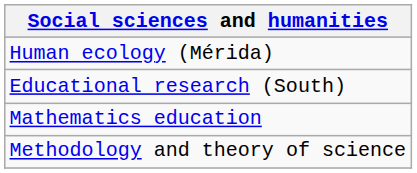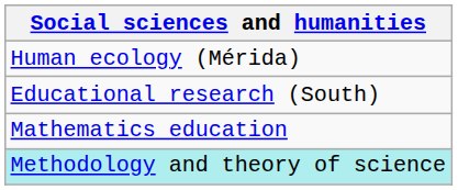 <table class="wikitable">
 <tr>
 <th><a href='#'>Social sciences</a> and <a href='#'>humanities</a></th>
 </tr>
 <tr>
 <td><a href='#'>Human ecology</a> (Mérida)</td>
 </tr>
 <tr>
 <td><a href='#'>Educational research</a> (South)</td>
 </tr>
 <tr>
 <td><a href='#'>Mathematics education</a></td>
 </tr>
 <tr>
-<td><a href='#'>Methodology</a> and theory of science</td>
+<td style="background: paleturquoise;"><a href='#'>Methodology</a> and theory of science</td>
 </tr>
 </table>
